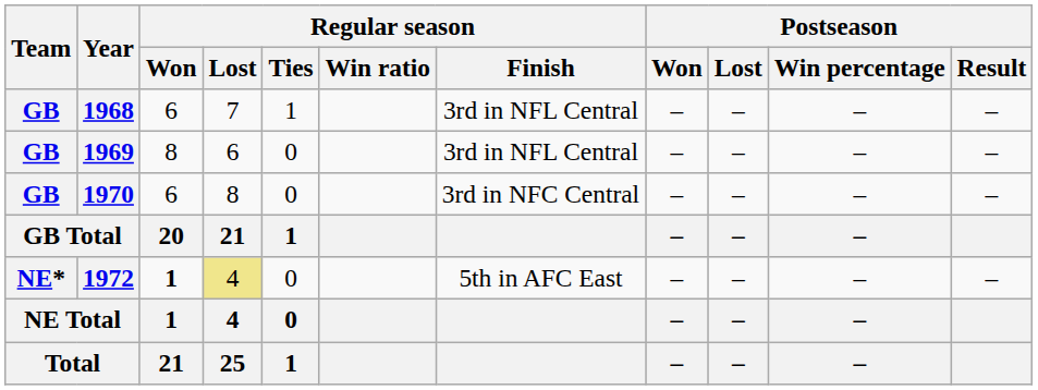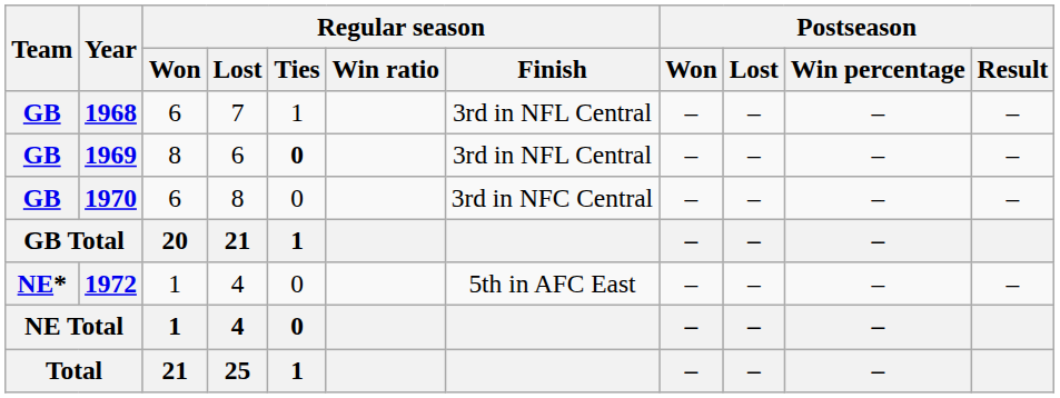 <table class="wikitable" style="font-size: 95%; text-align:center;">
 <tr>
 <th rowspan="2">Team</th>
 <th rowspan="2">Year</th>
 <th colspan="5">Regular season</th>
 <th colspan="4">Postseason</th>
 </tr>
 <tr>
 <th>Won</th>
 <th>Lost</th>
 <th>Ties</th>
 <th>Win ratio</th>
 <th>Finish</th>
 <th>Won</th>
 <th>Lost</th>
 <th>Win percentage</th>
 <th>Result</th>
 </tr>
 <tr>
 <th><a href='#'>GB</a></th>
 <th><a href='#'>1968</a></th>
 <td>6</td>
 <td>7</td>
 <td>1</td>
 <td></td>
 <td>3rd in NFL Central</td>
 <td>–</td>
 <td>–</td>
 <td>–</td>
 <td>–</td>
 </tr>
 <tr>
 <th><a href='#'>GB</a></th>
 <th><a href='#'>1969</a></th>
 <td>8</td>
 <td>6</td>
-<td>0</td>
+<td><strong>0</strong></td>
 <td></td>
 <td>3rd in NFL Central</td>
 <td>–</td>
 <td>–</td>
 <td>–</td>
 <td>–</td>
 </tr>
 <tr>
 <th><a href='#'>GB</a></th>
 <th><a href='#'>1970</a></th>
 <td>6</td>
 <td>8</td>
 <td>0</td>
 <td></td>
 <td>3rd in NFC Central</td>
 <td>–</td>
 <td>–</td>
 <td>–</td>
 <td>–</td>
 </tr>
 <tr>
 <th colspan="2">GB Total</th>
 <th>20</th>
 <th>21</th>
 <th>1</th>
 <th></th>
 <th></th>
 <th>–</th>
 <th>–</th>
 <th>–</th>
 <th></th>
 </tr>
 <tr>
 <th><a href='#'>NE</a>*</th>
 <th><a href='#'>1972</a></th>
-<td><strong>1</strong></td>
-<td style="background: khaki;">4</td>
+<td>1</td>
+<td>4</td>
 <td>0</td>
 <td></td>
 <td>5th in AFC East</td>
 <td>–</td>
 <td>–</td>
 <td>–</td>
 <td>–</td>
 </tr>
 <tr>
 <th colspan="2">NE Total</th>
 <th>1</th>
 <th>4</th>
 <th>0</th>
 <th></th>
 <th></th>
 <th>–</th>
 <th>–</th>
 <th>–</th>
 <th></th>
 </tr>
 <tr>
 <th colspan="2">Total</th>
 <th>21</th>
 <th>25</th>
 <th>1</th>
 <th></th>
 <th></th>
 <th>–</th>
 <th>–</th>
 <th>–</th>
 <th></th>
 </tr>
 </table>
